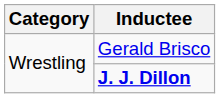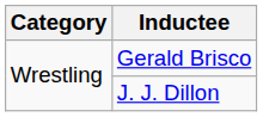 <table class="wikitable">
 <tr>
 <th>Category</th>
 <th>Inductee</th>
 </tr>
 <tr>
 <td rowspan=2>Wrestling</td>
 <td><a href='#'>Gerald Brisco</a></td>
 </tr>
 <tr>
-<td><strong><a href='#'>J. J. Dillon</a></strong></td>
+<td><a href='#'>J. J. Dillon</a></td>
 </tr>
 </table>
